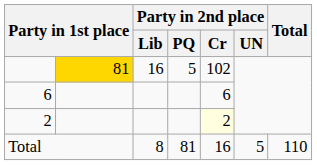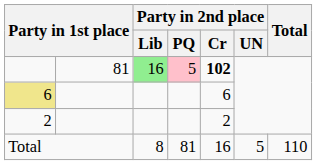 <table class="wikitable" style="text-align:right;">
 <tr>
 <th rowspan="2" colspan="2" style="text-align:left;">Party in 1st place</th>
 <th colspan="4">Party in 2nd place</th>
 <th rowspan="2">Total</th>
 </tr>
 <tr>
 <th>Lib</th>
 <th>PQ</th>
 <th>Cr</th>
 <th>UN</th>
 </tr>
 <tr>
 <td></td>
-<td style="background: gold;">81</td>
-<td>16</td>
-<td>5</td>
-<td>102</td>
+<td>81</td>
+<td style="background: lightgreen;">16</td>
+<td style="background: pink;">5</td>
+<td><strong>102</strong></td>
 </tr>
 <tr>
-<td>6</td>
+<td style="background: khaki;">6</td>
 <td></td>
 <td></td>
 <td></td>
 <td>6</td>
 </tr>
 <tr>
 <td>2</td>
 <td></td>
 <td></td>
 <td></td>
-<td style="background: lightyellow;">2</td>
+<td>2</td>
 </tr>
 <tr>
 <td colspan="2" style="text-align:left;">Total</td>
 <td>8</td>
 <td>81</td>
 <td>16</td>
 <td>5</td>
 <td>110</td>
 </tr>
 </table>
